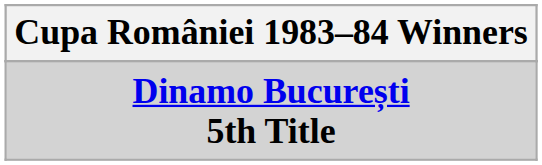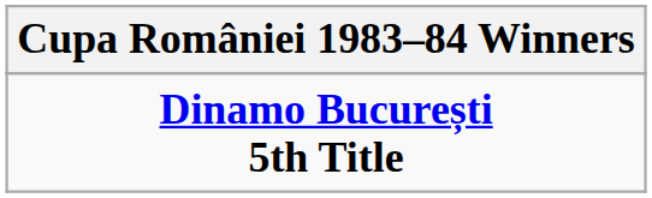 <table class="wikitable" style="text-align: center; margin: 0 auto;">
 <tr>
 <th>Cupa României 1983–84 Winners</th>
 </tr>
 <tr>
 </tr>
 <tr>
-<td style="background: lightgrey;"><strong><a href='#'>Dinamo București</a></strong><br><strong>5th Title</strong></td>
+<td><strong><a href='#'>Dinamo București</a></strong><br><strong>5th Title</strong></td>
 </tr>
 </table>
